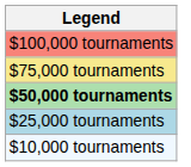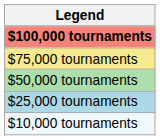 <table class="wikitable" style="font-size:85%">
 <tr>
 <th>Legend</th>
 </tr>
 <tr style="background:#f88379;">
-<td>$100,000 tournaments</td>
+<td><strong>$100,000 tournaments</strong></td>
 </tr>
 <tr style="background:#f7e98e;">
 <td>$75,000  tournaments</td>
 </tr>
 <tr style="background:#addfad;">
-<td><strong>$50,000  tournaments</strong></td>
+<td>$50,000  tournaments</td>
 </tr>
 <tr style="background:lightblue;">
 <td>$25,000 tournaments</td>
 </tr>
 <tr style="background:#f0f8ff;">
 <td>$10,000 tournaments</td>
 </tr>
 </table>
